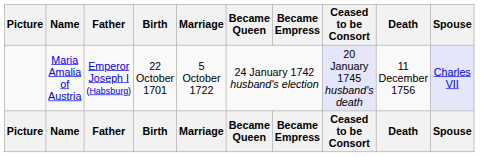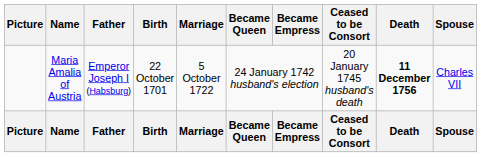 <table width=95% class="wikitable">
 <tr>
 <th>Picture</th>
 <th>Name</th>
 <th>Father</th>
 <th>Birth</th>
 <th>Marriage</th>
 <th>Became Queen</th>
 <th>Became Empress</th>
 <th>Ceased to be Consort</th>
 <th>Death</th>
 <th>Spouse</th>
 </tr>
 <tr>
 <td align=center></td>
 <td align=center><a href='#'>Maria Amalia of Austria</a></td>
 <td align="center"><a href='#'>Emperor Joseph I</a><br><small>(<a href='#'>Habsburg</a>)</small></td>
 <td align="center">22 October 1701</td>
 <td align="center">5 October 1722</td>
 <td align="center" colspan="2">24 January 1742<br><em>husband's election</em></td>
-<td align="center" style="background: lavender;">20 January 1745<br><em>husband's death</em></td>
-<td align="center">11 December 1756</td>
-<td align="center" style="background: lavender;"><a href='#'>Charles VII</a></td>
+<td align="center">20 January 1745<br><em>husband's death</em></td>
+<td align="center"><strong>11 December 1756</strong></td>
+<td align="center"><a href='#'>Charles VII</a></td>
 </tr>
 <tr>
 <th>Picture</th>
 <th>Name</th>
 <th>Father</th>
 <th>Birth</th>
 <th>Marriage</th>
 <th>Became Queen</th>
 <th>Became Empress</th>
 <th>Ceased to be Consort</th>
 <th>Death</th>
 <th>Spouse</th>
 </tr>
 </table>
